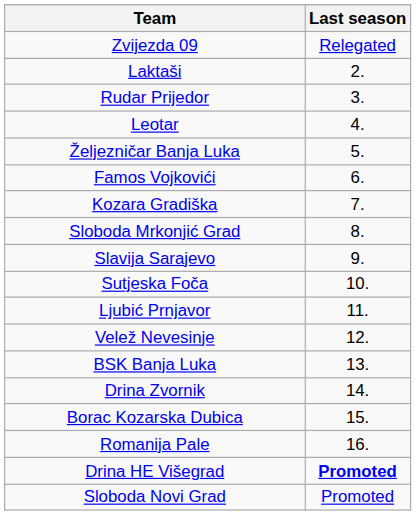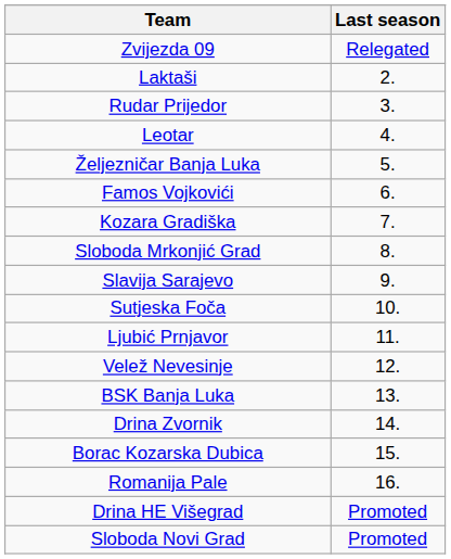 <table class="wikitable sortable" style="margin-top:0; text-align:center; font-size:90%;">
 <tr>
 </tr>
 <tr class="hintergrundfarbe5">
 <th width="250px">Team</th>
 <th>Last season</th>
 </tr>
 <tr>
 <td><a href='#'>Zvijezda 09</a></td>
 <td align=center><a href='#'>Relegated</a></td>
 </tr>
 <tr>
 <td><a href='#'>Laktaši</a></td>
 <td align=center>2.</td>
 </tr>
 <tr>
 <td><a href='#'>Rudar Prijedor</a></td>
 <td align=center>3.</td>
 </tr>
 <tr>
 <td><a href='#'>Leotar</a></td>
 <td align=center>4.</td>
 </tr>
 <tr>
 <td><a href='#'>Željezničar Banja Luka</a></td>
 <td align=center>5.</td>
 </tr>
 <tr>
 <td><a href='#'>Famos Vojkovići</a></td>
 <td align=center>6.</td>
 </tr>
 <tr>
 <td><a href='#'>Kozara Gradiška</a></td>
 <td align=center>7.</td>
 </tr>
 <tr>
 <td><a href='#'>Sloboda Mrkonjić Grad</a></td>
 <td align=center>8.</td>
 </tr>
 <tr>
 <td><a href='#'>Slavija Sarajevo</a></td>
 <td align=center>9.</td>
 </tr>
 <tr>
 <td><a href='#'>Sutjeska Foča</a></td>
 <td align=center>10.</td>
 </tr>
 <tr>
 <td><a href='#'>Ljubić Prnjavor</a></td>
 <td align=center>11.</td>
 </tr>
 <tr>
 <td><a href='#'>Velež Nevesinje</a></td>
 <td align=center>12.</td>
 </tr>
 <tr>
 <td><a href='#'>BSK Banja Luka</a></td>
 <td align=center>13.</td>
 </tr>
 <tr>
 <td><a href='#'>Drina Zvornik</a></td>
 <td align=center>14.</td>
 </tr>
 <tr>
 <td><a href='#'>Borac Kozarska Dubica</a></td>
 <td align=center>15.</td>
 </tr>
 <tr>
 <td><a href='#'>Romanija Pale</a></td>
 <td align=center>16.</td>
 </tr>
 <tr>
 <td><a href='#'>Drina HE Višegrad</a></td>
-<td align=center><strong><a href='#'>Promoted</a></strong></td>
+<td align=center><a href='#'>Promoted</a></td>
 </tr>
 <tr>
 <td><a href='#'>Sloboda Novi Grad</a></td>
 <td align=center><a href='#'>Promoted</a></td>
 </tr>
 </table>
